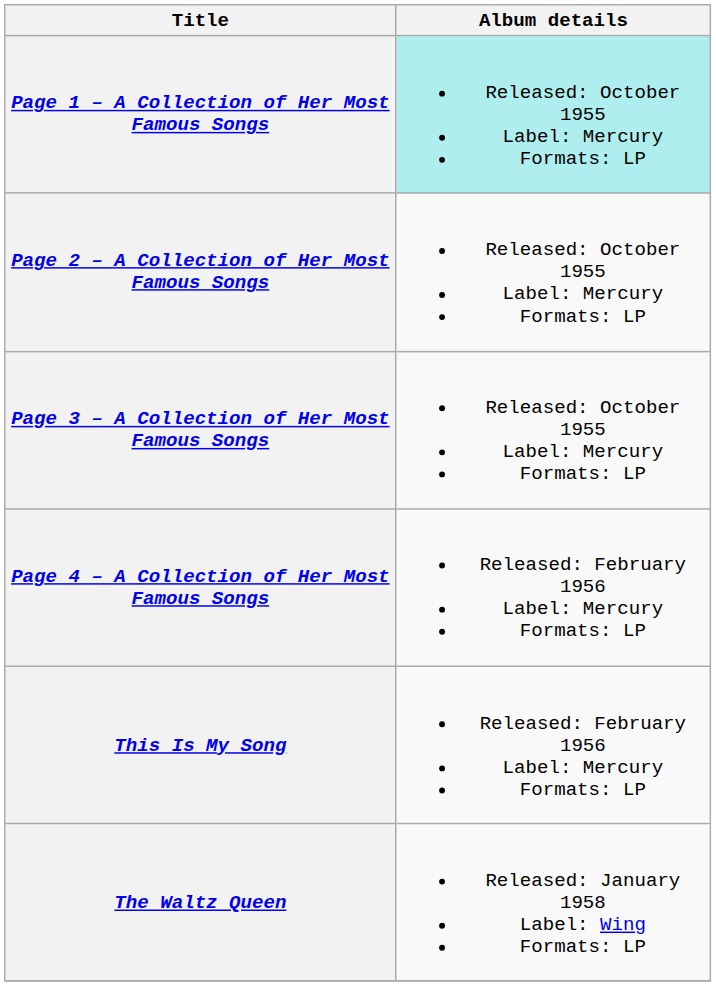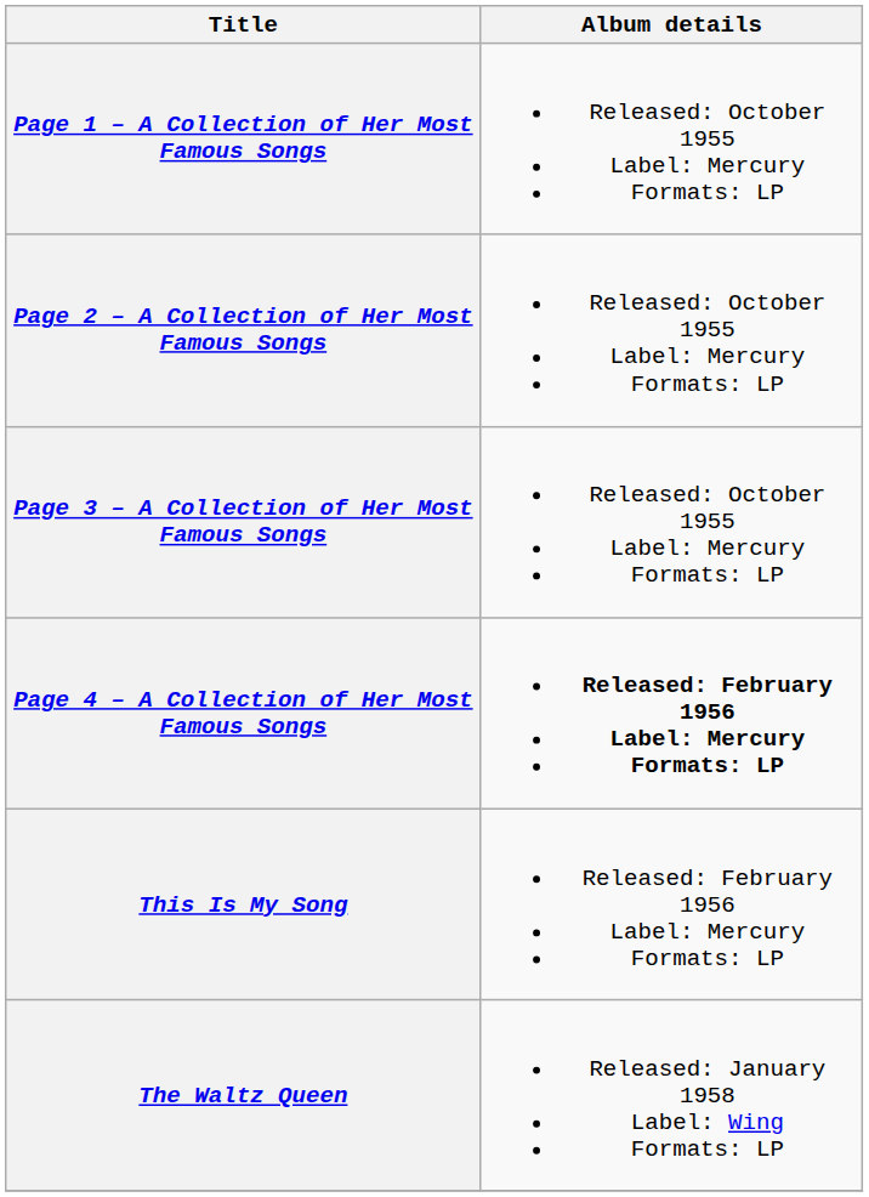 <table class="wikitable plainrowheaders" style="text-align:center;">
 <tr>
 <th scope="col" style="width:20em;">Title</th>
 <th scope="col" style="width:16em;">Album details</th>
 </tr>
 <tr>
 <th scope="row"><em><a href='#'>Page 1 – A Collection of Her Most Famous Songs</a></em></th>
-<td style="background: paleturquoise;"><br><ul><li>Released: October 1955</li><li>Label: Mercury</li><li>Formats: LP</li></ul></td>
+<td><br><ul><li>Released: October 1955</li><li>Label: Mercury</li><li>Formats: LP</li></ul></td>
 </tr>
 <tr>
 <th scope="row"><em><a href='#'>Page 2 – A Collection of Her Most Famous Songs</a></em></th>
 <td><br><ul><li>Released: October 1955</li><li>Label: Mercury</li><li>Formats: LP</li></ul></td>
 </tr>
 <tr>
 <th scope="row"><em><a href='#'>Page 3 – A Collection of Her Most Famous Songs</a></em></th>
 <td><br><ul><li>Released: October 1955</li><li>Label: Mercury</li><li>Formats: LP</li></ul></td>
 </tr>
 <tr>
 <th scope="row"><em><a href='#'>Page 4 – A Collection of Her Most Famous Songs</a></em></th>
-<td><br><ul><li>Released: February 1956</li><li>Label: Mercury</li><li>Formats: LP</li></ul></td>
+<td><strong><br><ul><li>Released: February 1956</li><li>Label: Mercury</li><li>Formats: LP</li></ul></strong></td>
 </tr>
 <tr>
 <th scope="row"><em><a href='#'>This Is My Song</a></em></th>
 <td><br><ul><li>Released: February 1956</li><li>Label: Mercury</li><li>Formats: LP</li></ul></td>
 </tr>
 <tr>
 <th scope="row"><em><a href='#'>The Waltz Queen</a></em></th>
 <td><br><ul><li>Released: January 1958</li><li>Label: <a href='#'>Wing</a></li><li>Formats: LP</li></ul></td>
 </tr>
 <tr>
 </tr>
 </table>
